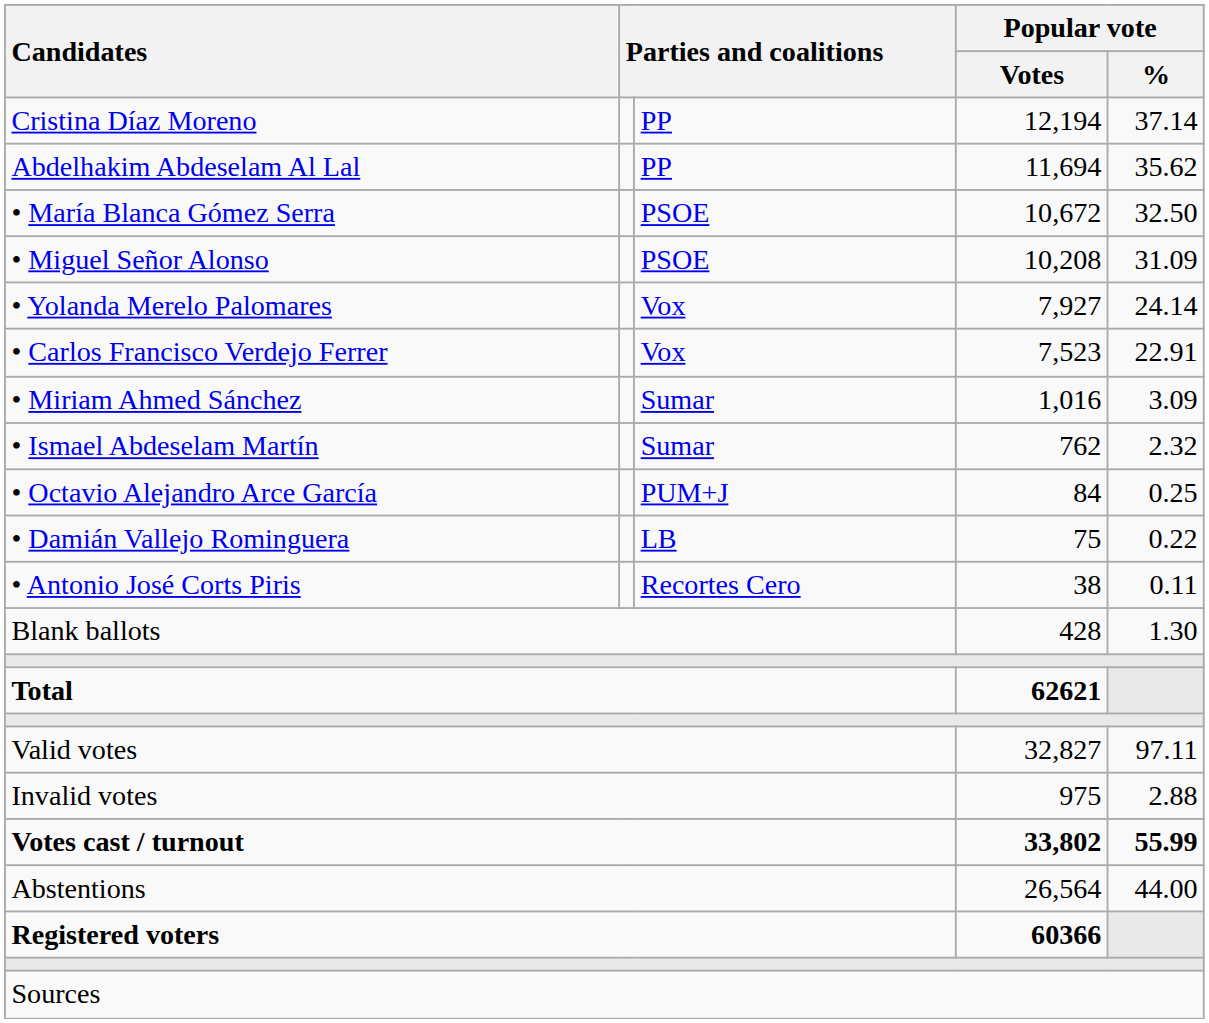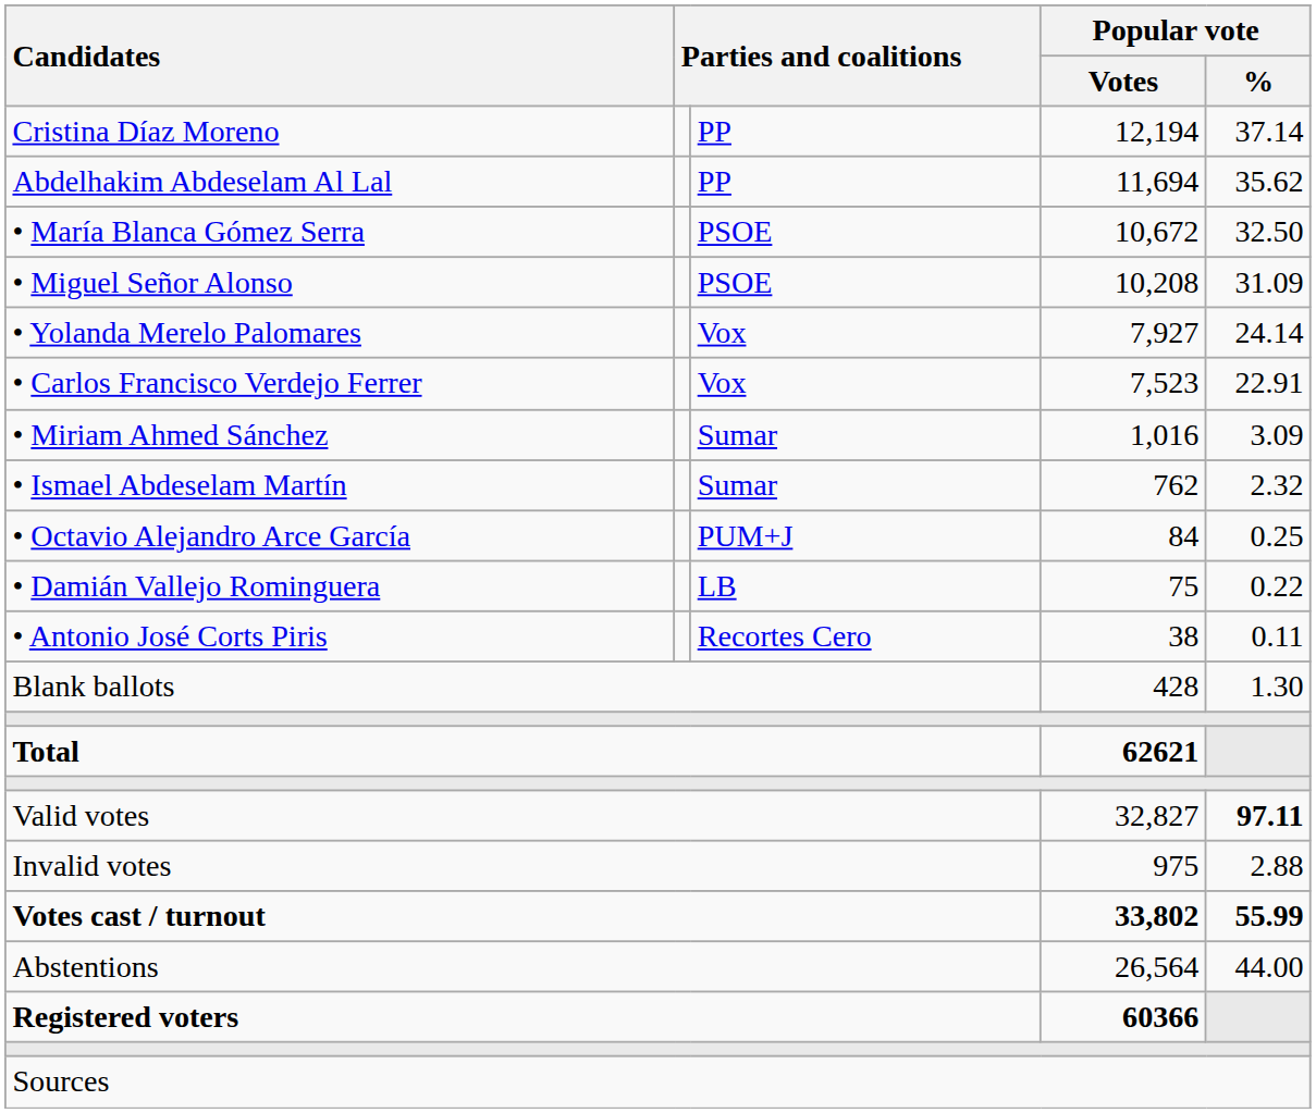 <table class="wikitable" style="text-align:right; font-size:95%;">
 <tr>
 <th style="text-align:left;" rowspan="2" width="325">Candidates</th>
 <th style="text-align:left;" rowspan="2" colspan="2" width="175">Parties and coalitions</th>
 <th colspan="2">Popular vote</th>
 </tr>
 <tr>
 <th width="75">Votes</th>
 <th width="45">%</th>
 </tr>
 <tr>
 <td align="left"> <a href='#'>Cristina Díaz Moreno</a></td>
 <td width="1" style="color:inherit;background:"></td>
 <td align="left"><a href='#'>PP</a></td>
 <td>12,194</td>
 <td>37.14</td>
 </tr>
 <tr>
 <td align="left"> <a href='#'>Abdelhakim Abdeselam Al Lal</a></td>
 <td width="1" style="color:inherit;background:"></td>
 <td align="left"><a href='#'>PP</a></td>
 <td>11,694</td>
 <td>35.62</td>
 </tr>
 <tr>
 <td align="left">• <a href='#'>María Blanca Gómez Serra</a></td>
 <td width="1" style="color:inherit;background:"></td>
 <td align="left"><a href='#'>PSOE</a></td>
 <td>10,672</td>
 <td>32.50</td>
 </tr>
 <tr>
 <td align="left">• <a href='#'>Miguel Señor Alonso</a></td>
 <td width="1" style="color:inherit;background:"></td>
 <td align="left"><a href='#'>PSOE</a></td>
 <td>10,208</td>
 <td>31.09</td>
 </tr>
 <tr>
 <td align="left">• <a href='#'>Yolanda Merelo Palomares</a></td>
 <td width="1" style="color:inherit;background:"></td>
 <td align="left"><a href='#'>Vox</a></td>
 <td>7,927</td>
 <td>24.14</td>
 </tr>
 <tr>
 <td align="left">• <a href='#'>Carlos Francisco Verdejo Ferrer</a></td>
 <td width="1" style="color:inherit;background:"></td>
 <td align="left"><a href='#'>Vox</a></td>
 <td>7,523</td>
 <td>22.91</td>
 </tr>
 <tr>
 <td align="left">• <a href='#'>Miriam Ahmed Sánchez</a></td>
 <td width="1" style="color:inherit;background:"></td>
 <td align="left"><a href='#'>Sumar</a></td>
 <td>1,016</td>
 <td>3.09</td>
 </tr>
 <tr>
 <td align="left">• <a href='#'>Ismael Abdeselam Martín</a></td>
 <td width="1" style="color:inherit;background:"></td>
 <td align="left"><a href='#'>Sumar</a></td>
 <td>762</td>
 <td>2.32</td>
 </tr>
 <tr>
 <td align="left">• <a href='#'>Octavio Alejandro Arce García</a></td>
 <td width="1" style="color:inherit;background:"></td>
 <td align="left"><a href='#'>PUM+J</a></td>
 <td>84</td>
 <td>0.25</td>
 </tr>
 <tr>
 <td align="left">• <a href='#'>Damián Vallejo Rominguera</a></td>
 <td width="1" style="color:inherit;background:"></td>
 <td align="left"><a href='#'>LB</a></td>
 <td>75</td>
 <td>0.22</td>
 </tr>
 <tr>
 <td align="left">• <a href='#'>Antonio José Corts Piris</a></td>
 <td width="1" style="color:inherit;background:"></td>
 <td align="left"><a href='#'>Recortes Cero</a></td>
 <td>38</td>
 <td>0.11</td>
 </tr>
 <tr>
 <td align="left" colspan="3">Blank ballots</td>
 <td>428</td>
 <td>1.30</td>
 </tr>
 <tr>
 <td colspan="5" bgcolor="#E9E9E9"></td>
 </tr>
 <tr style="font-weight:bold;">
 <td align="left" colspan="3">Total</td>
 <td>62621</td>
 <td bgcolor="#E9E9E9"></td>
 </tr>
 <tr>
 <td colspan="5" bgcolor="#E9E9E9"></td>
 </tr>
 <tr>
 <td align="left" colspan="3">Valid votes</td>
 <td>32,827</td>
-<td>97.11</td>
+<td><strong>97.11</strong></td>
 </tr>
 <tr>
 <td align="left" colspan="3">Invalid votes</td>
 <td>975</td>
 <td>2.88</td>
 </tr>
 <tr style="font-weight:bold;">
 <td align="left" colspan="3">Votes cast / turnout</td>
 <td>33,802</td>
 <td>55.99</td>
 </tr>
 <tr>
 <td align="left" colspan="3">Abstentions</td>
 <td>26,564</td>
 <td>44.00</td>
 </tr>
 <tr style="font-weight:bold;">
 <td align="left" colspan="3">Registered voters</td>
 <td>60366</td>
 <td bgcolor="#E9E9E9"></td>
 </tr>
 <tr>
 <td colspan="5" bgcolor="#E9E9E9"></td>
 </tr>
 <tr>
 <td align="left" colspan="5">Sources</td>
 </tr>
 </table>
